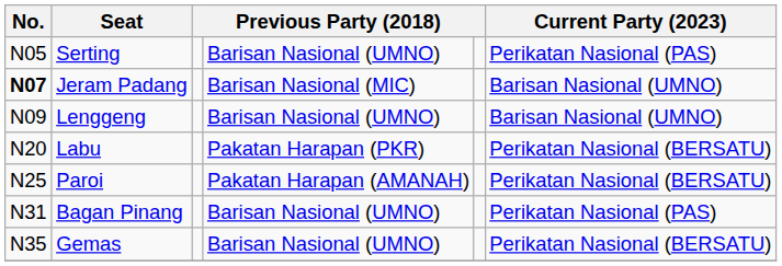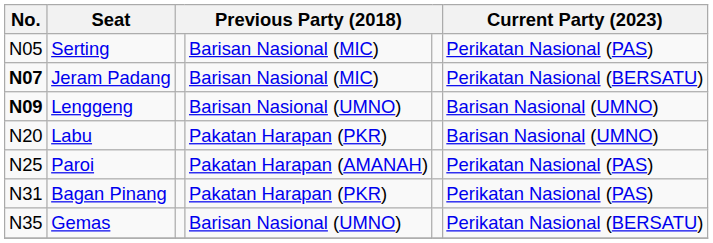 <table class="wikitable sortable" style="font-size:95%;">
 <tr>
 <th scope="col">No.</th>
 <th scope="col">Seat</th>
 <th colspan="3" scope="col">Previous Party (2018)</th>
 <th colspan="3" scope="col">Current Party (2023)</th>
 </tr>
 <tr>
 <td>N05</td>
 <td><a href='#'>Serting</a></td>
 <td width="1"></td>
-<td><a href='#'>Barisan Nasional</a> (<a href='#'>UMNO</a>)</td>
+<td><a href='#'>Barisan Nasional</a> (<a href='#'>MIC</a>)</td>
 <td width="1"></td>
 <td><a href='#'>Perikatan Nasional</a> (<a href='#'>PAS</a>)</td>
 </tr>
 <tr>
 <td><strong>N07</strong></td>
 <td><a href='#'>Jeram Padang</a></td>
 <td width="1"></td>
 <td><a href='#'>Barisan Nasional</a> (<a href='#'>MIC</a>)</td>
 <td width="1"></td>
-<td><a href='#'>Barisan Nasional</a> (<a href='#'>UMNO</a>)</td>
+<td><a href='#'>Perikatan Nasional</a> (<a href='#'>BERSATU</a>)</td>
 </tr>
 <tr>
-<td>N09</td>
+<td><strong>N09</strong></td>
 <td><a href='#'>Lenggeng</a></td>
 <td width="1"></td>
 <td><a href='#'>Barisan Nasional</a> (<a href='#'>UMNO</a>)</td>
 <td width="1"></td>
 <td><a href='#'>Barisan Nasional</a> (<a href='#'>UMNO</a>)</td>
 </tr>
 <tr>
 <td>N20</td>
 <td><a href='#'>Labu</a></td>
 <td width="1"></td>
 <td><a href='#'>Pakatan Harapan</a> (<a href='#'>PKR</a>)</td>
 <td width="1"></td>
-<td><a href='#'>Perikatan Nasional</a> (<a href='#'>BERSATU</a>)</td>
+<td><a href='#'>Barisan Nasional</a> (<a href='#'>UMNO</a>)</td>
 </tr>
 <tr>
 <td>N25</td>
 <td><a href='#'>Paroi</a></td>
 <td width="1"></td>
 <td><a href='#'>Pakatan Harapan</a> (<a href='#'>AMANAH</a>)</td>
 <td width="1"></td>
-<td><a href='#'>Perikatan Nasional</a> (<a href='#'>BERSATU</a>)</td>
+<td><a href='#'>Perikatan Nasional</a> (<a href='#'>PAS</a>)</td>
 </tr>
 <tr>
 <td>N31</td>
 <td><a href='#'>Bagan Pinang</a></td>
 <td width="1"></td>
-<td><a href='#'>Barisan Nasional</a> (<a href='#'>UMNO</a>)</td>
+<td><a href='#'>Pakatan Harapan</a> (<a href='#'>PKR</a>)</td>
 <td width="1"></td>
 <td><a href='#'>Perikatan Nasional</a> (<a href='#'>PAS</a>)</td>
 </tr>
 <tr>
 <td>N35</td>
 <td><a href='#'>Gemas</a></td>
 <td width="1"></td>
 <td><a href='#'>Barisan Nasional</a> (<a href='#'>UMNO</a>)</td>
 <td width="1"></td>
 <td><a href='#'>Perikatan Nasional</a> (<a href='#'>BERSATU</a>)</td>
 </tr>
 <tr>
 </tr>
 </table>
